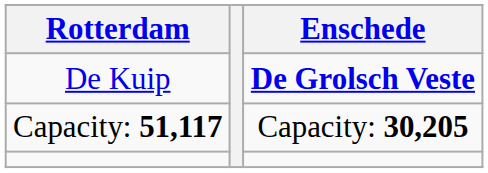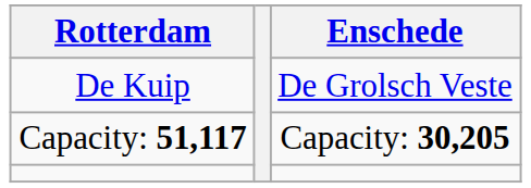 <table class="wikitable" style="text-align:center; margin-left:auto; margin-right:auto; border:none;">
 <tr>
 <th><a href='#'>Rotterdam</a></th>
 <th rowspan="4"></th>
 <th><a href='#'>Enschede</a></th>
 </tr>
 <tr>
 <td><a href='#'>De Kuip</a></td>
-<td><strong><a href='#'>De Grolsch Veste</a></strong></td>
+<td><a href='#'>De Grolsch Veste</a></td>
 </tr>
 <tr>
 <td>Capacity: <strong>51,117</strong></td>
 <td>Capacity: <strong>30,205</strong></td>
 </tr>
 <tr>
 <td></td>
 <td></td>
 </tr>
 </table>
